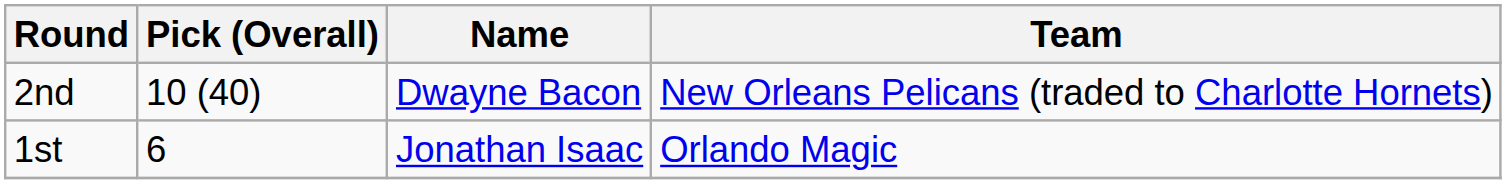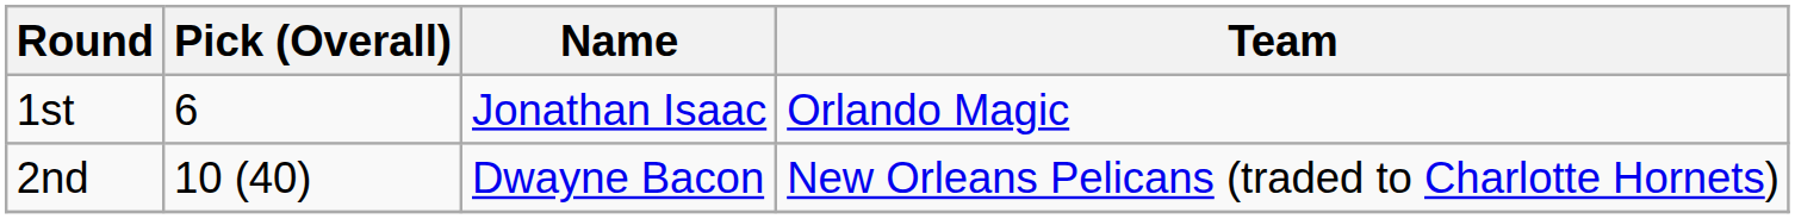 <table class="wikitable" style="font-size: 95%;">
 <tr>
 <th>Round</th>
 <th>Pick (Overall)</th>
 <th>Name</th>
 <th>Team</th>
 </tr>
 <tr>
+<td>1st</td>
+<td>6</td>
+<td><a href='#'>Jonathan Isaac</a></td>
+<td><a href='#'>Orlando Magic</a></td>
+</tr>
+<tr>
 <td>2nd</td>
 <td>10 (40)</td>
 <td><a href='#'>Dwayne Bacon</a></td>
 <td><a href='#'>New Orleans Pelicans</a> (traded to <a href='#'>Charlotte Hornets</a>)</td>
 </tr>
 <tr>
-<td>1st</td>
-<td>6</td>
-<td><a href='#'>Jonathan Isaac</a></td>
-<td><a href='#'>Orlando Magic</a></td>
-</tr>
-<tr>
 </tr>
 </table>
